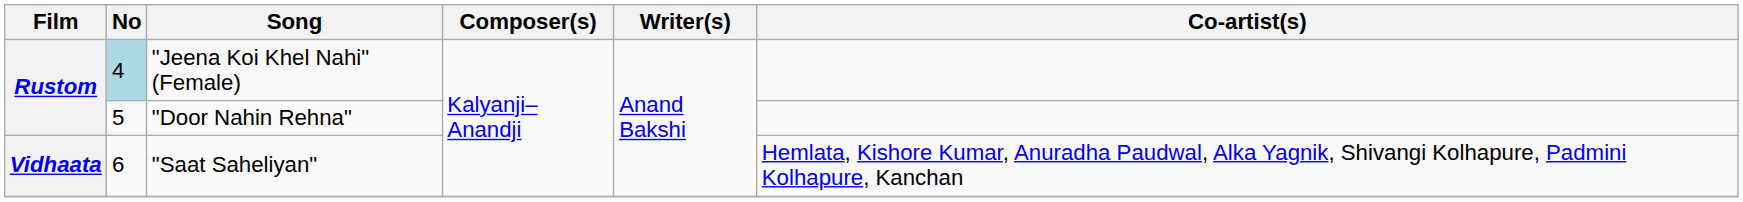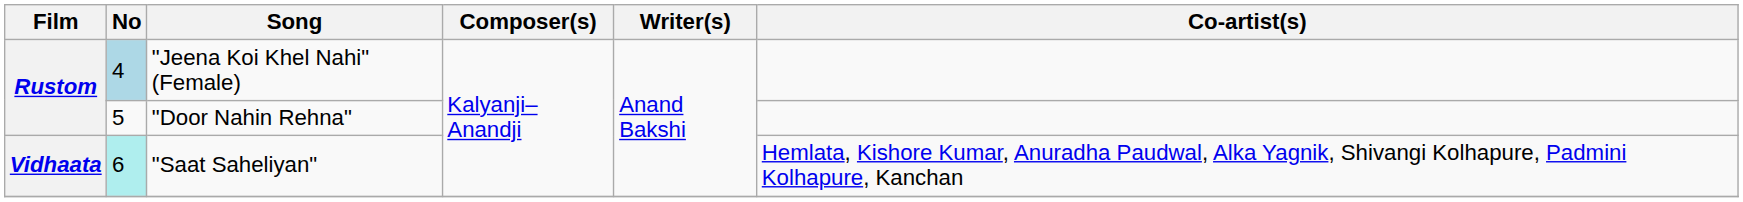 <table class="wikitable">
 <tr>
 <th>Film</th>
 <th><strong>No</strong></th>
 <th>Song</th>
 <th>Composer(s)</th>
 <th>Writer(s)</th>
 <th>Co-artist(s)</th>
 </tr>
 <tr>
 <th rowspan="2"><a href='#'><em>Rustom</em></a></th>
 <td style="background: lightblue;">4</td>
 <td>"Jeena Koi Khel Nahi"(Female)</td>
 <td rowspan="3"><a href='#'>Kalyanji–Anandji</a></td>
 <td rowspan=3><a href='#'>Anand Bakshi</a></td>
 <td></td>
 </tr>
 <tr>
 <td>5</td>
 <td>"Door Nahin Rehna"</td>
 <td></td>
 </tr>
 <tr>
 <th><em><a href='#'>Vidhaata</a></em></th>
-<td>6</td>
+<td style="background: paleturquoise;">6</td>
 <td>"Saat Saheliyan"</td>
 <td><a href='#'>Hemlata</a>, <a href='#'>Kishore Kumar</a>, <a href='#'>Anuradha Paudwal</a>, <a href='#'>Alka Yagnik</a>, Shivangi Kolhapure, <a href='#'>Padmini Kolhapure</a>, Kanchan</td>
 </tr>
 <tr>
 </tr>
 </table>
